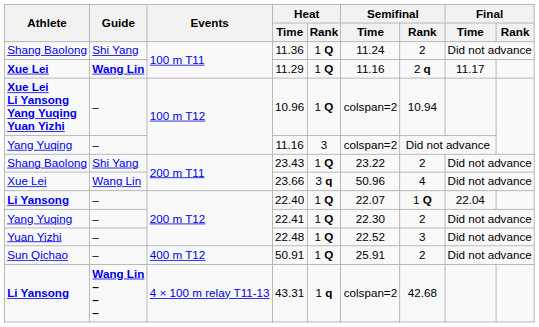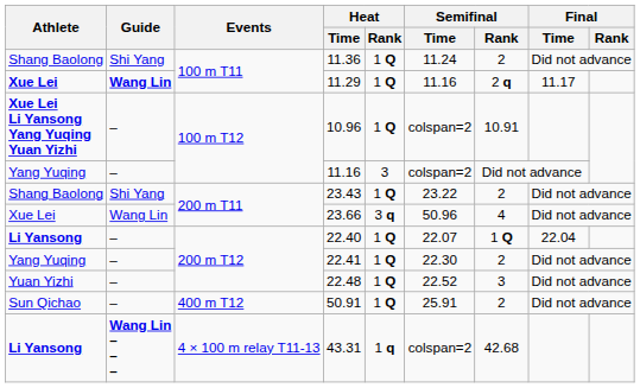 <table class=wikitable style="text-align: center; font-size:90%">
 <tr>
 <th rowspan="2">Athlete</th>
 <th rowspan="2">Guide</th>
 <th rowspan="2">Events</th>
 <th colspan="2">Heat</th>
 <th colspan="2">Semifinal</th>
 <th colspan="2">Final</th>
 </tr>
 <tr>
 <th>Time</th>
 <th>Rank</th>
 <th>Time</th>
 <th>Rank</th>
 <th>Time</th>
 <th>Rank</th>
 </tr>
 <tr>
 <td align=left><a href='#'>Shang Baolong</a></td>
 <td align=left><a href='#'>Shi Yang</a></td>
 <td align=left rowspan=2><a href='#'>100 m T11</a></td>
 <td>11.36</td>
 <td>1 <strong>Q</strong></td>
 <td>11.24</td>
 <td>2</td>
 <td colspan=2>Did not advance</td>
 </tr>
 <tr>
 <td align=left><strong><a href='#'>Xue Lei</a></strong></td>
 <td align=left><strong><a href='#'>Wang Lin</a></strong></td>
 <td>11.29</td>
 <td>1 <strong>Q</strong></td>
 <td>11.16 </td>
 <td>2 <strong>q</strong></td>
 <td>11.17</td>
 <td></td>
 </tr>
 <tr>
 <td align=left><strong><a href='#'>Xue Lei</a><br><a href='#'>Li Yansong</a><br><a href='#'>Yang Yuqing</a><br><a href='#'>Yuan Yizhi</a></strong></td>
 <td align=left>–</td>
 <td align=left rowspan=2><a href='#'>100 m T12</a></td>
 <td>10.96</td>
 <td>1 <strong>Q</strong></td>
 <td>colspan=2 </td>
-<td>10.94 </td>
+<td>10.91 </td>
 <td></td>
 </tr>
 <tr>
 <td align=left><a href='#'>Yang Yuqing</a></td>
 <td align=left>–</td>
 <td>11.16</td>
 <td>3</td>
 <td>colspan=2 </td>
 <td colspan=2>Did not advance</td>
 </tr>
 <tr>
 <td align=left><a href='#'>Shang Baolong</a></td>
 <td align=left><a href='#'>Shi Yang</a></td>
 <td align=left rowspan=2><a href='#'>200 m T11</a></td>
 <td>23.43</td>
 <td>1 <strong>Q</strong></td>
 <td>23.22 </td>
 <td>2</td>
 <td colspan=2>Did not advance</td>
 </tr>
 <tr>
 <td align=left><a href='#'>Xue Lei</a></td>
 <td align=left><a href='#'>Wang Lin</a></td>
 <td>23.66</td>
 <td>3 <strong>q</strong></td>
 <td>50.96</td>
 <td>4</td>
 <td colspan=2>Did not advance</td>
 </tr>
 <tr>
 <td align=left><strong><a href='#'>Li Yansong</a></strong></td>
 <td align=left>–</td>
 <td align=left rowspan=3><a href='#'>200 m T12</a></td>
 <td>22.40</td>
 <td>1 <strong>Q</strong></td>
 <td>22.07</td>
 <td>1 <strong>Q</strong></td>
 <td>22.04 </td>
 <td></td>
 </tr>
 <tr>
 <td align=left><a href='#'>Yang Yuqing</a></td>
 <td align=left>–</td>
 <td>22.41</td>
 <td>1 <strong>Q</strong></td>
 <td>22.30</td>
 <td>2</td>
 <td colspan=2>Did not advance</td>
 </tr>
 <tr>
 <td align=left><a href='#'>Yuan Yizhi</a></td>
 <td align=left>–</td>
 <td>22.48</td>
 <td>1 <strong>Q</strong></td>
 <td>22.52</td>
 <td>3</td>
 <td colspan=2>Did not advance</td>
 </tr>
 <tr>
 <td align=left><a href='#'>Sun Qichao</a></td>
 <td align=left>–</td>
 <td align=left><a href='#'>400 m T12</a></td>
 <td>50.91</td>
 <td>1 <strong>Q</strong></td>
 <td>25.91</td>
 <td>2</td>
 <td colspan=2>Did not advance</td>
 </tr>
 <tr>
 <td align=left><strong><a href='#'>Li Yansong</a></strong></td>
 <td align=left><strong><a href='#'>Wang Lin</a><br>–<br>–<br>–</strong></td>
 <td align=left><a href='#'>4 × 100 m relay T11-13</a></td>
 <td>43.31</td>
 <td>1 <strong>q</strong></td>
 <td>colspan=2 </td>
 <td>42.68 </td>
 <td></td>
 </tr>
 </table>
